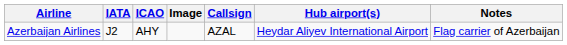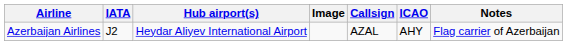 <table class="wikitable sortable" style="border: 0; cellpadding: 2; cellspacing: 3;">
 <tr valign="middle">
 <th><a href='#'>Airline</a></th>
 <th><a href='#'>IATA</a></th>
-<th><a href='#'>ICAO</a></th>
+<th><a href='#'>Hub airport(s)</a></th>
 <th>Image</th>
 <th><a href='#'>Callsign</a></th>
-<th><a href='#'>Hub airport(s)</a></th>
+<th><a href='#'>ICAO</a></th>
 <th class="unsortable">Notes</th>
 </tr>
 <tr>
 <td><a href='#'>Azerbaijan Airlines</a></td>
 <td>J2</td>
-<td>AHY</td>
+<td><a href='#'>Heydar Aliyev International Airport</a></td>
 <td></td>
 <td>AZAL</td>
-<td><a href='#'>Heydar Aliyev International Airport</a></td>
+<td>AHY</td>
 <td><a href='#'>Flag carrier</a> of Azerbaijan</td>
 </tr>
 </table>
